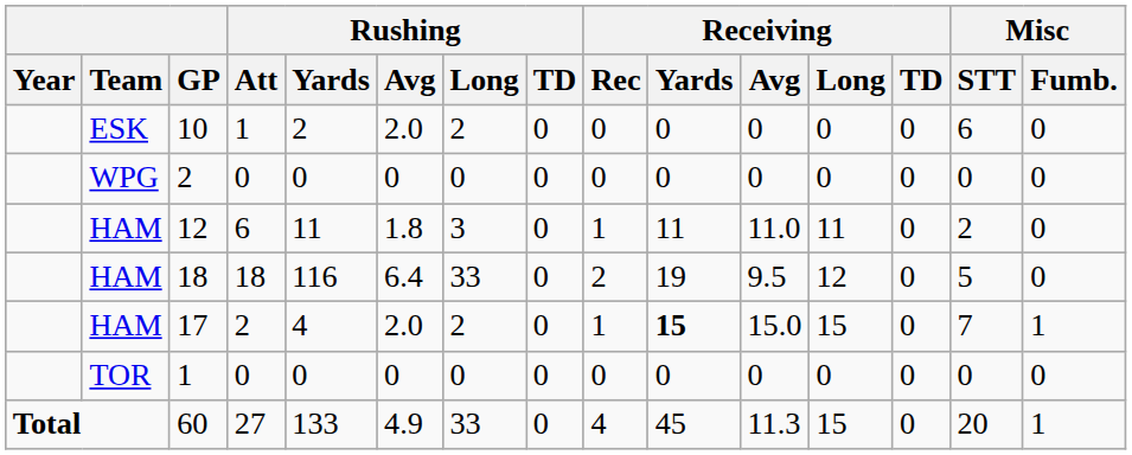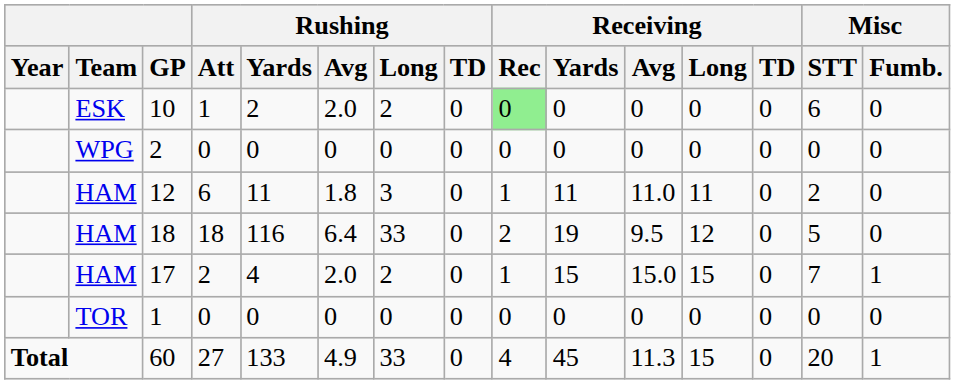 <table class="wikitable">
 <tr>
 <th colspan=3></th>
 <th colspan=5>Rushing</th>
 <th colspan=5>Receiving</th>
 <th colspan=2>Misc</th>
 </tr>
 <tr>
 <th>Year</th>
 <th>Team</th>
 <th>GP</th>
 <th>Att</th>
 <th>Yards</th>
 <th>Avg</th>
 <th>Long</th>
 <th>TD</th>
 <th>Rec</th>
 <th>Yards</th>
 <th>Avg</th>
 <th>Long</th>
 <th>TD</th>
 <th>STT</th>
 <th>Fumb.</th>
 </tr>
 <tr>
 <td></td>
 <td><a href='#'>ESK</a></td>
 <td>10</td>
 <td>1</td>
 <td>2</td>
 <td>2.0</td>
 <td>2</td>
 <td>0</td>
-<td>0</td>
+<td style="background: lightgreen;">0</td>
 <td>0</td>
 <td>0</td>
 <td>0</td>
 <td>0</td>
 <td>6</td>
 <td>0</td>
 </tr>
 <tr>
 <td></td>
 <td><a href='#'>WPG</a></td>
 <td>2</td>
 <td>0</td>
 <td>0</td>
 <td>0</td>
 <td>0</td>
 <td>0</td>
 <td>0</td>
 <td>0</td>
 <td>0</td>
 <td>0</td>
 <td>0</td>
 <td>0</td>
 <td>0</td>
 </tr>
 <tr>
 <td></td>
 <td><a href='#'>HAM</a></td>
 <td>12</td>
 <td>6</td>
 <td>11</td>
 <td>1.8</td>
 <td>3</td>
 <td>0</td>
 <td>1</td>
 <td>11</td>
 <td>11.0</td>
 <td>11</td>
 <td>0</td>
 <td>2</td>
 <td>0</td>
 </tr>
 <tr>
 <td></td>
 <td><a href='#'>HAM</a></td>
 <td>18</td>
 <td>18</td>
 <td>116</td>
 <td>6.4</td>
 <td>33</td>
 <td>0</td>
 <td>2</td>
 <td>19</td>
 <td>9.5</td>
 <td>12</td>
 <td>0</td>
 <td>5</td>
 <td>0</td>
 </tr>
 <tr>
 <td></td>
 <td><a href='#'>HAM</a></td>
 <td>17</td>
 <td>2</td>
 <td>4</td>
 <td>2.0</td>
 <td>2</td>
 <td>0</td>
 <td>1</td>
-<td><strong>15</strong></td>
+<td>15</td>
 <td>15.0</td>
 <td>15</td>
 <td>0</td>
 <td>7</td>
 <td>1</td>
 </tr>
 <tr>
 <td></td>
 <td><a href='#'>TOR</a></td>
 <td>1</td>
 <td>0</td>
 <td>0</td>
 <td>0</td>
 <td>0</td>
 <td>0</td>
 <td>0</td>
 <td>0</td>
 <td>0</td>
 <td>0</td>
 <td>0</td>
 <td>0</td>
 <td>0</td>
 </tr>
 <tr>
 <td colspan=2><strong>Total</strong></td>
 <td>60</td>
 <td>27</td>
 <td>133</td>
 <td>4.9</td>
 <td>33</td>
 <td>0</td>
 <td>4</td>
 <td>45</td>
 <td>11.3</td>
 <td>15</td>
 <td>0</td>
 <td>20</td>
 <td>1</td>
 </tr>
 </table>
